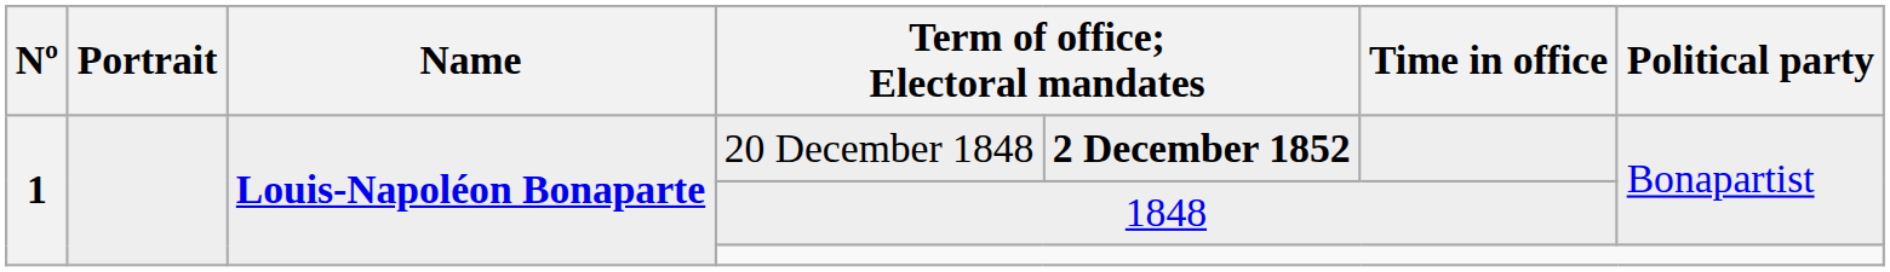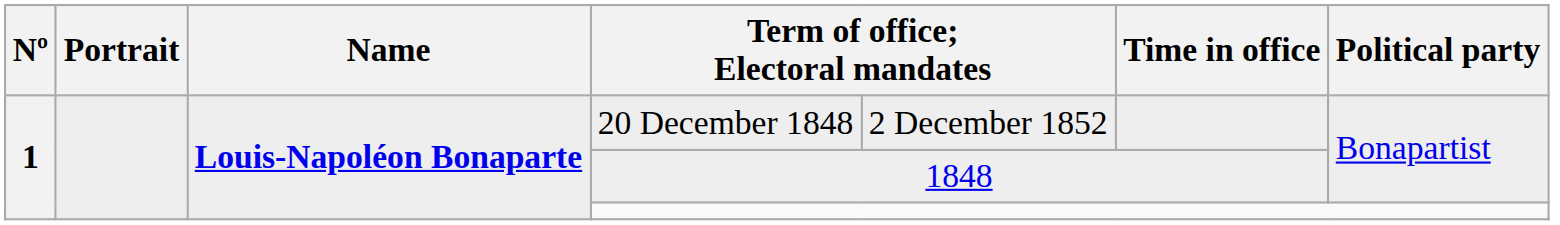 <table class="wikitable">
 <tr>
 <th>Nº</th>
 <th>Portrait</th>
 <th>Name<br></th>
 <th colspan=2>Term of office;<br>Electoral mandates</th>
 <th>Time in office</th>
 <th>Political party</th>
 </tr>
 <tr bgcolor=#EEEEEE>
 <th rowspan=3 style="background:">1</th>
 <td rowspan=3></td>
 <td rowspan=3 align=center><strong><a href='#'>Louis-Napoléon Bonaparte</a></strong><br></td>
 <td>20 December 1848</td>
-<td><strong>2 December 1852</strong></td>
+<td>2 December 1852</td>
 <td></td>
 <td rowspan=2><a href='#'>Bonapartist</a></td>
 </tr>
 <tr bgcolor=#EEEEEE>
 <td colspan=3 align=center><a href='#'>1848</a></td>
 </tr>
 <tr>
 <td colspan=4></td>
 </tr>
 </table>
